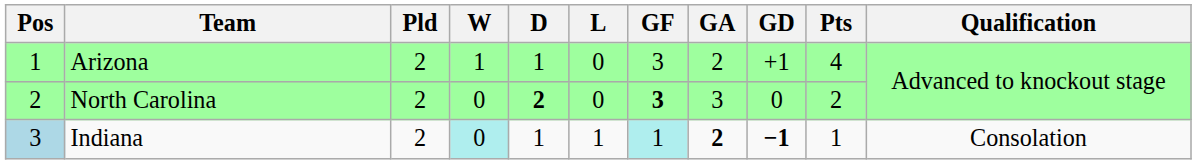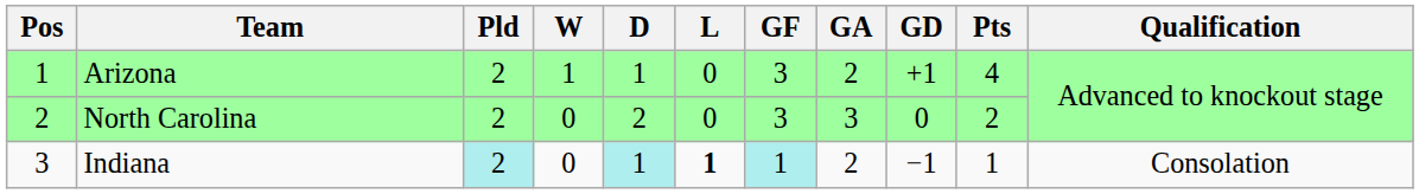 <table class="wikitable" style="text-align:center; margin: 1em auto">
 <tr>
 <th style="width:2em">Pos</th>
 <th style="width:13em">Team</th>
 <th style="width:2em">Pld</th>
 <th style="width:2em">W</th>
 <th style="width:2em">D</th>
 <th style="width:2em">L</th>
 <th style="width:2em">GF</th>
 <th style="width:2em">GA</th>
 <th style="width:2em">GD</th>
 <th style="width:2em">Pts</th>
 <th style="width:13em">Qualification</th>
 </tr>
 <tr bgcolor="#9eff9e">
 <td>1</td>
 <td style="text-align:left">Arizona</td>
 <td>2</td>
 <td>1</td>
 <td>1</td>
 <td>0</td>
 <td>3</td>
 <td>2</td>
 <td>+1</td>
 <td>4</td>
 <td rowspan="2">Advanced to knockout stage</td>
 </tr>
 <tr bgcolor="#9eff9e">
 <td>2</td>
 <td style="text-align:left">North Carolina</td>
 <td>2</td>
 <td>0</td>
-<td><strong>2</strong></td>
+<td>2</td>
 <td>0</td>
-<td><strong>3</strong></td>
+<td>3</td>
 <td>3</td>
 <td>0</td>
 <td>2</td>
 </tr>
 <tr>
-<td style="background: lightblue;">3</td>
+<td>3</td>
 <td style="text-align:left">Indiana</td>
+<td style="background: paleturquoise;">2</td>
+<td>0</td>
+<td style="background: paleturquoise;">1</td>
+<td><strong>1</strong></td>
+<td style="background: paleturquoise;">1</td>
 <td>2</td>
-<td style="background: paleturquoise;">0</td>
-<td>1</td>
-<td>1</td>
-<td style="background: paleturquoise;">1</td>
-<td><strong>2</strong></td>
-<td><strong>−1</strong></td>
+<td>−1</td>
 <td>1</td>
 <td>Consolation</td>
 </tr>
 </table>
